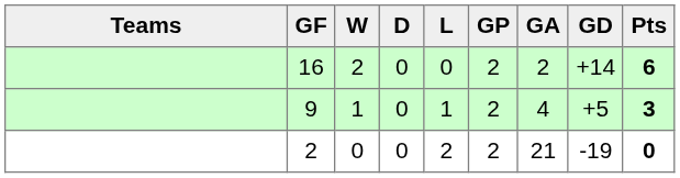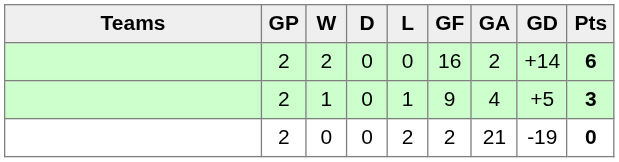 <table style=border-collapse:collapse border=1 cellspacing=0 cellpadding=5>
 <tr align=center bgcolor=#efefef>
 <th width=185>Teams</th>
-<th width=20>GF</th>
+<th width=20>GP</th>
 <th width=20>W</th>
 <th width=20>D</th>
 <th width=20>L</th>
-<th width=20>GP</th>
+<th width=20>GF</th>
 <th width=20>GA</th>
 <th width=20>GD</th>
 <th width=20>Pts<br></th>
 </tr>
 <tr align=center bgcolor="ccffcc">
 <td style="text-align:left;"></td>
-<td>16</td>
+<td>2</td>
 <td>2</td>
 <td>0</td>
 <td>0</td>
-<td>2</td>
+<td>16</td>
 <td>2</td>
 <td>+14</td>
 <td><strong>6</strong></td>
 </tr>
 <tr align=center bgcolor="ccffcc">
 <td style="text-align:left;"></td>
-<td>9</td>
+<td>2</td>
 <td>1</td>
 <td>0</td>
 <td>1</td>
-<td>2</td>
+<td>9</td>
 <td>4</td>
 <td>+5</td>
 <td><strong>3</strong></td>
 </tr>
 <tr align=center>
 <td style="text-align:left;"></td>
 <td>2</td>
 <td>0</td>
 <td>0</td>
 <td>2</td>
 <td>2</td>
 <td>21</td>
 <td>-19</td>
 <td><strong>0</strong></td>
 </tr>
 </table>
